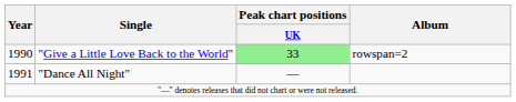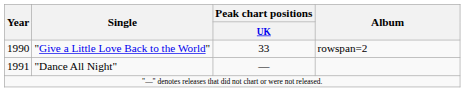 <table class="wikitable">
 <tr>
 <th rowspan="2">Year</th>
 <th rowspan="2" width=>Single</th>
 <th>Peak chart positions</th>
 <th rowspan="2" style="width:200px;">Album</th>
 </tr>
 <tr>
 <th><small><a href='#'>UK</a></small></th>
 </tr>
 <tr>
 <td>1990</td>
 <td align="left">"<a href='#'>Give a Little Love Back to the World</a>"</td>
-<td style="background: lightgreen; text-align:center;">33</td>
+<td style="text-align:center;">33</td>
 <td>rowspan=2 </td>
 </tr>
 <tr>
 <td>1991</td>
 <td>"Dance All Night"</td>
 <td style="text-align:center;">—</td>
 </tr>
 <tr>
 <td align="center" colspan="4" style="font-size:8pt">"—" denotes releases that did not chart or were not released.</td>
 </tr>
 </table>
